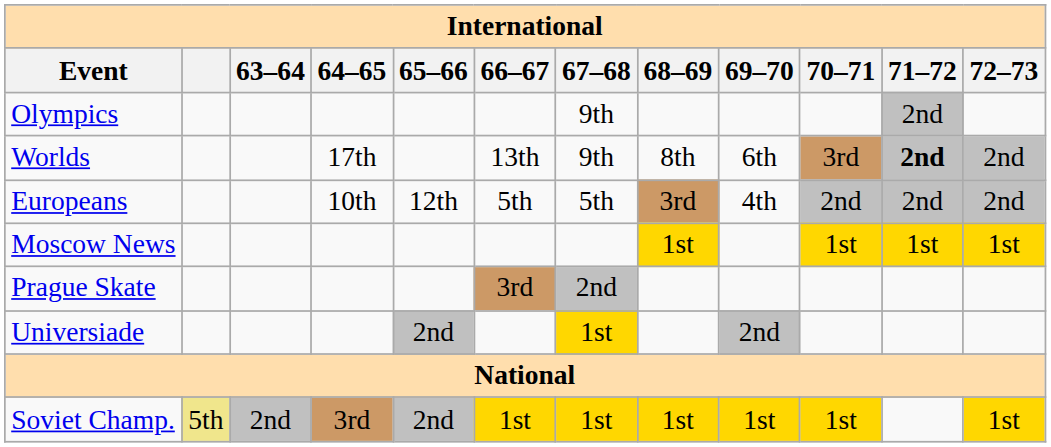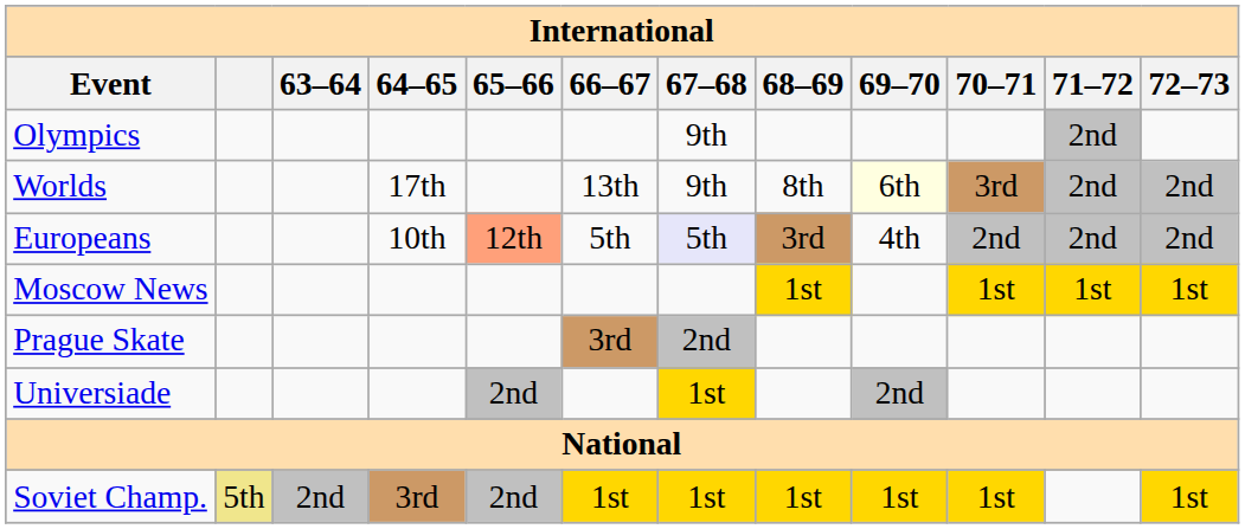 <table class="wikitable" style="text-align:center">
 <tr>
 <th style="background-color: #ffdead; " colspan=12 align=center>International</th>
 </tr>
 <tr>
 <th>Event</th>
 <th></th>
 <th>63–64</th>
 <th>64–65</th>
 <th>65–66</th>
 <th>66–67</th>
 <th>67–68</th>
 <th>68–69</th>
 <th>69–70</th>
 <th>70–71</th>
 <th>71–72</th>
 <th>72–73</th>
 </tr>
 <tr>
 <td align=left><a href='#'>Olympics</a></td>
 <td></td>
 <td></td>
 <td></td>
 <td></td>
 <td></td>
 <td>9th</td>
 <td></td>
 <td></td>
 <td></td>
 <td bgcolor=silver>2nd</td>
 <td></td>
 </tr>
 <tr>
 <td align=left><a href='#'>Worlds</a></td>
 <td></td>
 <td></td>
 <td>17th</td>
 <td></td>
 <td>13th</td>
 <td>9th</td>
 <td>8th</td>
-<td>6th</td>
+<td style="background: lightyellow;">6th</td>
 <td bgcolor=cc9966>3rd</td>
-<td bgcolor=silver><strong>2nd</strong></td>
+<td bgcolor=silver>2nd</td>
 <td bgcolor=silver>2nd</td>
 </tr>
 <tr>
 <td align=left><a href='#'>Europeans</a></td>
 <td></td>
 <td></td>
 <td>10th</td>
-<td>12th</td>
+<td style="background: lightsalmon;">12th</td>
 <td>5th</td>
-<td>5th</td>
+<td style="background: lavender;">5th</td>
 <td bgcolor=cc9966>3rd</td>
 <td>4th</td>
 <td bgcolor=silver>2nd</td>
 <td bgcolor=silver>2nd</td>
 <td bgcolor=silver>2nd</td>
 </tr>
 <tr>
 <td align=left><a href='#'>Moscow News</a></td>
 <td></td>
 <td></td>
 <td></td>
 <td></td>
 <td></td>
 <td></td>
 <td bgcolor=gold>1st</td>
 <td></td>
 <td bgcolor=gold>1st</td>
 <td bgcolor=gold>1st</td>
 <td bgcolor=gold>1st</td>
 </tr>
 <tr>
 <td align=left><a href='#'>Prague Skate</a></td>
 <td></td>
 <td></td>
 <td></td>
 <td></td>
 <td bgcolor=cc9966>3rd</td>
 <td bgcolor=silver>2nd</td>
 <td></td>
 <td></td>
 <td></td>
 <td></td>
 </tr>
 <tr>
 <td align=left><a href='#'>Universiade</a></td>
 <td></td>
 <td></td>
 <td></td>
 <td bgcolor=silver>2nd</td>
 <td></td>
 <td bgcolor=gold>1st</td>
 <td></td>
 <td bgcolor=silver>2nd</td>
 <td></td>
 <td></td>
 <td></td>
 </tr>
 <tr>
 <th style="background-color: #ffdead; " colspan=12 align=center>National</th>
 </tr>
 <tr>
 <td align=left><a href='#'>Soviet Champ.</a></td>
 <td align=center style="background: khaki;">5th</td>
 <td bgcolor=silver>2nd</td>
 <td bgcolor=cc9966>3rd</td>
 <td bgcolor=silver>2nd</td>
 <td bgcolor=gold>1st</td>
 <td bgcolor=gold>1st</td>
 <td bgcolor=gold>1st</td>
 <td bgcolor=gold>1st</td>
 <td bgcolor=gold>1st</td>
 <td></td>
 <td bgcolor=gold>1st</td>
 </tr>
 </table>
